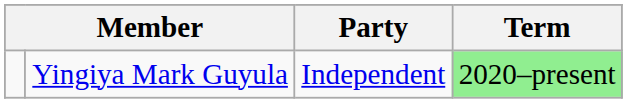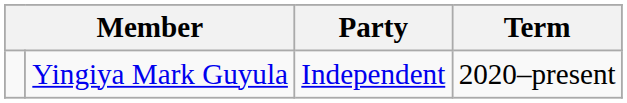 <table class="wikitable">
 <tr>
 <th colspan="2">Member</th>
 <th>Party</th>
 <th>Term</th>
 </tr>
 <tr>
 <td> </td>
 <td><a href='#'>Yingiya Mark Guyula</a></td>
 <td><a href='#'>Independent</a></td>
-<td style="background: lightgreen;">2020–present</td>
+<td>2020–present</td>
 </tr>
 </table>
